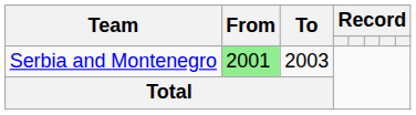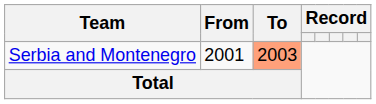 <table class=wikitable style="text-align:center">
 <tr>
 <th rowspan=2>Team</th>
 <th rowspan=2>From</th>
 <th rowspan=2>To</th>
 <th colspan=5>Record</th>
 </tr>
 <tr>
 <th></th>
 <th></th>
 <th></th>
 <th></th>
 <th></th>
 </tr>
 <tr>
 <td align=left><a href='#'>Serbia and Montenegro</a></td>
-<td align=left style="background: lightgreen;">2001</td>
-<td align=left>2003<br></td>
+<td align=left>2001</td>
+<td align=left style="background: lightsalmon;">2003<br></td>
 </tr>
 <tr>
 <th colspan=3>Total<br></th>
 </tr>
 </table>
